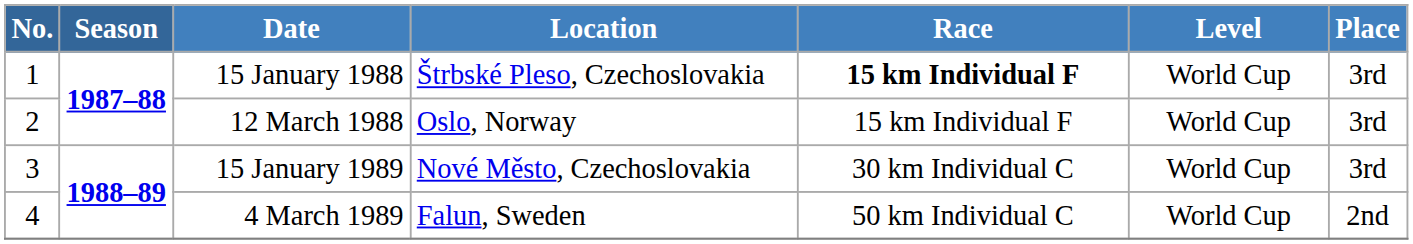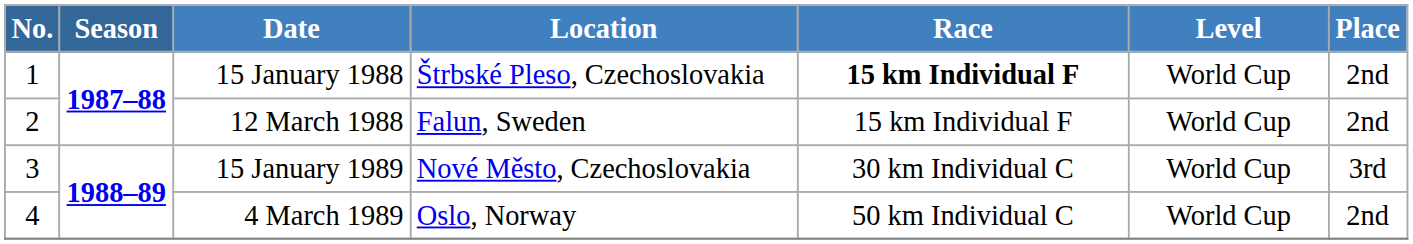 <table class="wikitable sortable" style="font-size:95%; text-align:center; border:grey solid 1px; border-collapse:collapse; background:#ffffff;">
 <tr style="background:#efefef;">
 <th style="background-color:#369; color:white;">No.</th>
 <th style="background-color:#369; color:white;">Season</th>
 <th style="background-color:#4180be; color:white; width:120px;">Date</th>
 <th style="background-color:#4180be; color:white; width:200px;">Location</th>
 <th style="background-color:#4180be; color:white; width:170px;">Race</th>
 <th style="background-color:#4180be; color:white; width:100px;">Level</th>
 <th style="background-color:#4180be; color:white;">Place</th>
 </tr>
 <tr>
 <td align=center>1</td>
 <td rowspan=2 align=center><strong><a href='#'>1987–88</a></strong></td>
 <td align=right>15 January 1988</td>
 <td align=left> <a href='#'>Štrbské Pleso</a>, Czechoslovakia</td>
 <td><strong>15 km Individual F</strong></td>
 <td>World Cup</td>
-<td>3rd</td>
+<td>2nd</td>
 </tr>
 <tr>
 <td align=center>2</td>
 <td align=right>12 March 1988</td>
-<td align=left> <a href='#'>Oslo</a>, Norway</td>
+<td align=left> <a href='#'>Falun</a>, Sweden</td>
 <td>15 km Individual F</td>
 <td>World Cup</td>
-<td>3rd</td>
+<td>2nd</td>
 </tr>
 <tr>
 <td align=center>3</td>
 <td rowspan=2 align=center><strong><a href='#'>1988–89</a></strong></td>
 <td align=right>15 January 1989</td>
 <td align=left> <a href='#'>Nové Město</a>, Czechoslovakia</td>
 <td>30 km Individual C</td>
 <td>World Cup</td>
 <td>3rd</td>
 </tr>
 <tr>
 <td align=center>4</td>
 <td align=right>4 March 1989</td>
-<td align=left> <a href='#'>Falun</a>, Sweden</td>
+<td align=left> <a href='#'>Oslo</a>, Norway</td>
 <td>50 km Individual C</td>
 <td>World Cup</td>
 <td>2nd</td>
 </tr>
 <tr>
 </tr>
 </table>
